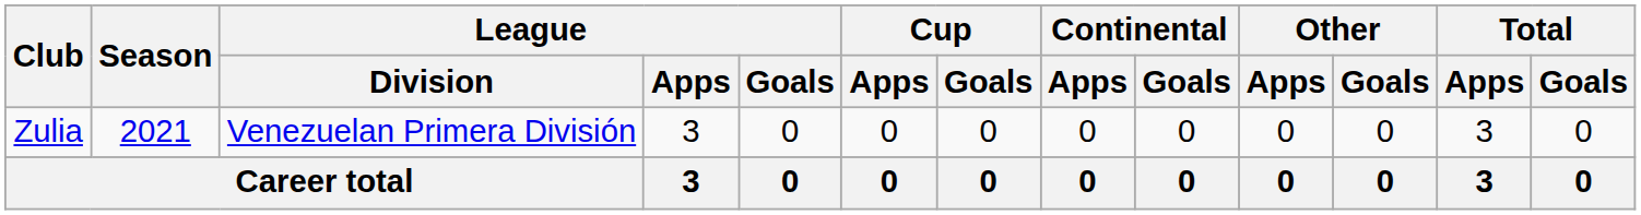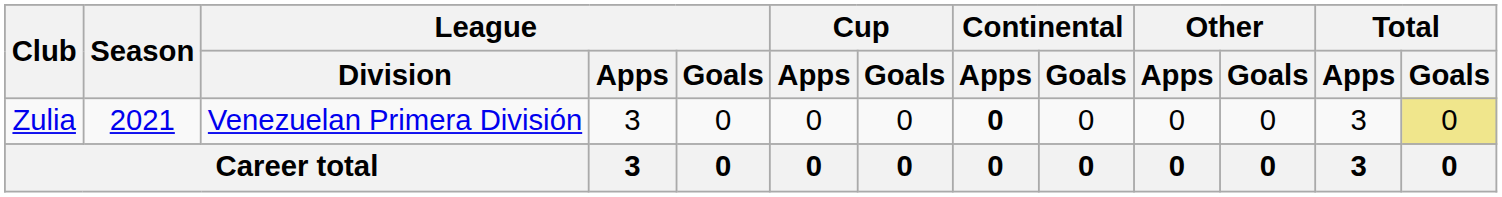 <table class="wikitable" style="text-align: center">
 <tr>
 <th rowspan="2">Club</th>
 <th rowspan="2">Season</th>
 <th colspan="3">League</th>
 <th colspan="2">Cup</th>
 <th colspan="2">Continental</th>
 <th colspan="2">Other</th>
 <th colspan="2">Total</th>
 </tr>
 <tr>
 <th>Division</th>
 <th>Apps</th>
 <th>Goals</th>
 <th>Apps</th>
 <th>Goals</th>
 <th>Apps</th>
 <th>Goals</th>
 <th>Apps</th>
 <th>Goals</th>
 <th>Apps</th>
 <th>Goals</th>
 </tr>
 <tr>
 <td><a href='#'>Zulia</a></td>
 <td><a href='#'>2021</a></td>
 <td><a href='#'>Venezuelan Primera División</a></td>
 <td>3</td>
 <td>0</td>
 <td>0</td>
 <td>0</td>
-<td>0</td>
+<td><strong>0</strong></td>
 <td>0</td>
 <td>0</td>
 <td>0</td>
 <td>3</td>
-<td>0</td>
+<td style="background: khaki;">0</td>
 </tr>
 <tr>
 <th colspan="3"><strong>Career total</strong></th>
 <th>3</th>
 <th>0</th>
 <th>0</th>
 <th>0</th>
 <th>0</th>
 <th>0</th>
 <th>0</th>
 <th>0</th>
 <th>3</th>
 <th>0</th>
 </tr>
 </table>
